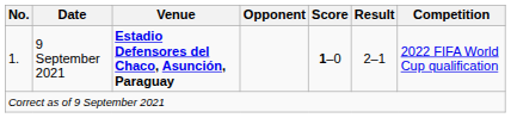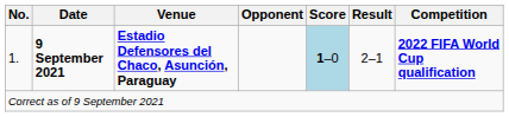 <table class="wikitable" style="font-size:100%;">
 <tr>
 <th>No.</th>
 <th>Date</th>
 <th>Venue</th>
 <th>Opponent</th>
 <th>Score</th>
 <th>Result</th>
 <th>Competition</th>
 </tr>
 <tr>
 <td>1.</td>
-<td>9 September 2021</td>
+<td><strong>9 September 2021</strong></td>
 <td><strong><a href='#'>Estadio Defensores del Chaco</a>, <a href='#'>Asunción</a>, Paraguay</strong></td>
 <td></td>
-<td align=center><strong>1</strong>–0</td>
+<td align=center style="background: lightblue;"><strong>1</strong>–0</td>
 <td align=center>2–1</td>
-<td><a href='#'>2022 FIFA World Cup qualification</a></td>
+<td><strong><a href='#'>2022 FIFA World Cup qualification</a></strong></td>
 </tr>
 <tr>
 <td colspan="12"><small><em>Correct as of 9 September 2021</em></small></td>
 </tr>
 </table>
